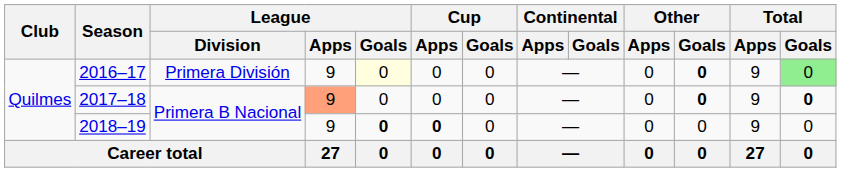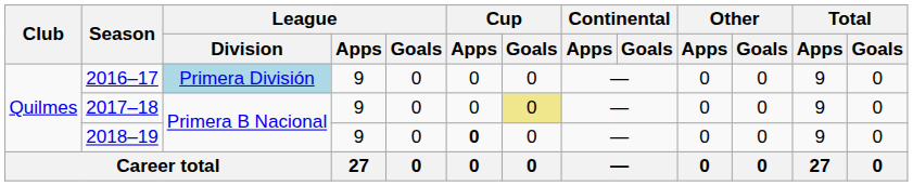 <table class="wikitable" style="text-align:center">
 <tr>
 <th rowspan="2">Club</th>
 <th rowspan="2">Season</th>
 <th colspan="3">League</th>
 <th colspan="2">Cup</th>
 <th colspan="2">Continental</th>
 <th colspan="2">Other</th>
 <th colspan="2">Total</th>
 </tr>
 <tr>
 <th>Division</th>
 <th>Apps</th>
 <th>Goals</th>
 <th>Apps</th>
 <th>Goals</th>
 <th>Apps</th>
 <th>Goals</th>
 <th>Apps</th>
 <th>Goals</th>
 <th>Apps</th>
 <th>Goals</th>
 </tr>
 <tr>
 <td rowspan="3"><a href='#'>Quilmes</a></td>
 <td><a href='#'>2016–17</a></td>
-<td rowspan="1"><a href='#'>Primera División</a></td>
+<td rowspan="1" style="background: lightblue;"><a href='#'>Primera División</a></td>
 <td>9</td>
-<td style="background: lightyellow;">0</td>
-<td>0</td>
-<td>0</td>
-<td colspan="2">—</td>
-<td>0</td>
-<td><strong>0</strong></td>
-<td>9</td>
-<td style="background: lightgreen;">0</td>
-</tr>
-<tr>
-<td><a href='#'>2017–18</a></td>
-<td rowspan="2"><a href='#'>Primera B Nacional</a></td>
-<td style="background: lightsalmon;">9</td>
 <td>0</td>
 <td>0</td>
 <td>0</td>
 <td colspan="2">—</td>
 <td>0</td>
-<td><strong>0</strong></td>
+<td>0</td>
 <td>9</td>
-<td><strong>0</strong></td>
+<td>0</td>
+</tr>
+<tr>
+<td><a href='#'>2017–18</a></td>
+<td rowspan="2"><a href='#'>Primera B Nacional</a></td>
+<td>9</td>
+<td>0</td>
+<td>0</td>
+<td style="background: khaki;">0</td>
+<td colspan="2">—</td>
+<td>0</td>
+<td>0</td>
+<td>9</td>
+<td>0</td>
 </tr>
 <tr>
 <td><a href='#'>2018–19</a></td>
 <td>9</td>
-<td><strong>0</strong></td>
+<td>0</td>
 <td><strong>0</strong></td>
 <td>0</td>
 <td colspan="2">—</td>
 <td>0</td>
 <td>0</td>
 <td>9</td>
 <td>0</td>
 </tr>
 <tr>
 <th colspan="3">Career total</th>
 <th>27</th>
 <th>0</th>
 <th>0</th>
 <th>0</th>
 <th colspan="2">—</th>
 <th>0</th>
 <th>0</th>
 <th>27</th>
 <th>0</th>
 </tr>
 </table>
